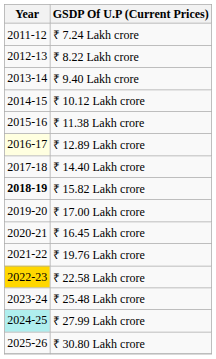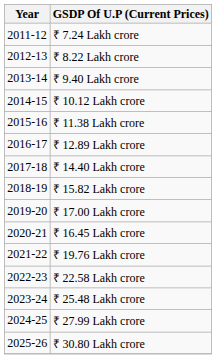 <table class="wikitable">
 <tr>
 <th>Year</th>
 <th>GSDP Of U.P (Current Prices) </th>
 </tr>
 <tr>
 <td>2011-12</td>
 <td>₹ 7.24 Lakh crore</td>
 </tr>
 <tr>
 <td>2012-13</td>
 <td>₹ 8.22 Lakh crore</td>
 </tr>
 <tr>
 <td>2013-14</td>
 <td>₹ 9.40 Lakh crore</td>
 </tr>
 <tr>
 <td>2014-15</td>
 <td>₹ 10.12 Lakh crore</td>
 </tr>
 <tr>
 <td>2015-16</td>
 <td>₹ 11.38 Lakh crore</td>
 </tr>
 <tr>
-<td style="background: lightyellow;">2016-17</td>
+<td>2016-17</td>
 <td>₹ 12.89 Lakh crore</td>
 </tr>
 <tr>
 <td>2017-18</td>
 <td>₹ 14.40 Lakh crore</td>
 </tr>
 <tr>
-<td><strong>2018-19</strong></td>
+<td>2018-19</td>
 <td>₹ 15.82 Lakh crore</td>
 </tr>
 <tr>
 <td>2019-20</td>
 <td>₹ 17.00 Lakh crore</td>
 </tr>
 <tr>
 <td>2020-21</td>
 <td>₹ 16.45 Lakh crore</td>
 </tr>
 <tr>
 <td>2021-22</td>
 <td>₹ 19.76 Lakh crore</td>
 </tr>
 <tr>
-<td style="background: gold;">2022-23</td>
+<td>2022-23</td>
 <td>₹ 22.58 Lakh crore</td>
 </tr>
 <tr>
 <td>2023-24</td>
 <td>₹ 25.48 Lakh crore</td>
 </tr>
 <tr>
-<td style="background: paleturquoise;">2024-25</td>
+<td>2024-25</td>
 <td>₹ 27.99 Lakh crore</td>
 </tr>
 <tr>
 <td>2025-26</td>
 <td>₹ 30.80 Lakh crore</td>
 </tr>
 <tr>
 </tr>
 </table>
